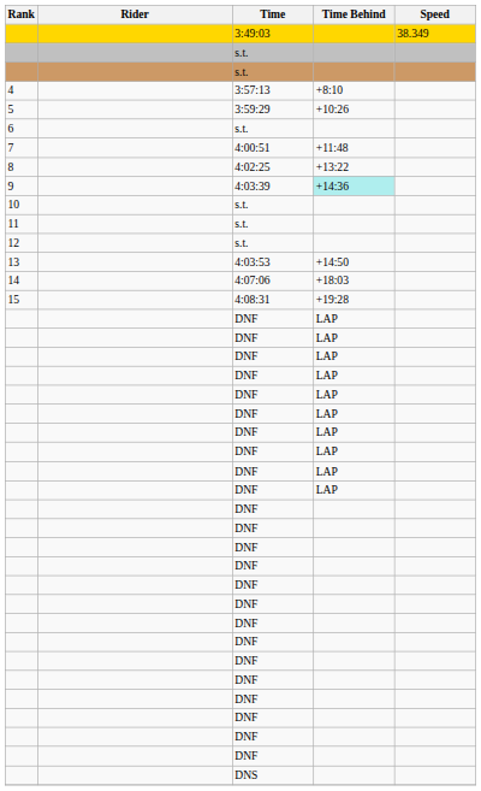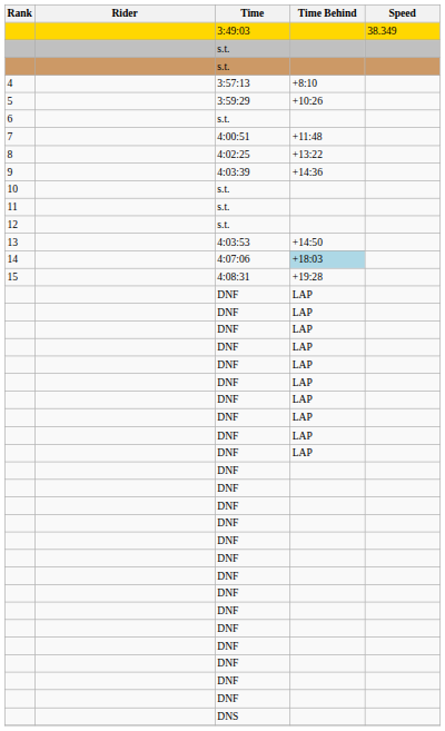 <table class="wikitable" style="font-size:95%" style="text-align:center">
 <tr>
 <th>Rank</th>
 <th width=250>Rider</th>
 <th width=100>Time</th>
 <th width=100>Time Behind</th>
 <th width=100>Speed</th>
 </tr>
 <tr bgcolor=gold>
 <td></td>
 <td align=left></td>
 <td>3:49:03</td>
 <td></td>
 <td>38.349</td>
 </tr>
 <tr bgcolor=silver>
 <td></td>
 <td align=left></td>
 <td>s.t.</td>
 <td></td>
 <td></td>
 </tr>
 <tr bgcolor=cc9966>
 <td></td>
 <td align=left></td>
 <td>s.t.</td>
 <td></td>
 <td></td>
 </tr>
 <tr>
 <td>4</td>
 <td align=left></td>
 <td>3:57:13</td>
 <td>+8:10</td>
 <td></td>
 </tr>
 <tr>
 <td>5</td>
 <td align=left></td>
 <td>3:59:29</td>
 <td>+10:26</td>
 <td></td>
 </tr>
 <tr>
 <td>6</td>
 <td align=left></td>
 <td>s.t.</td>
 <td></td>
 <td></td>
 </tr>
 <tr>
 <td>7</td>
 <td align=left></td>
 <td>4:00:51</td>
 <td>+11:48</td>
 <td></td>
 </tr>
 <tr>
 <td>8</td>
 <td align=left></td>
 <td>4:02:25</td>
 <td>+13:22</td>
 <td></td>
 </tr>
 <tr>
 <td>9</td>
 <td align=left></td>
 <td>4:03:39</td>
-<td style="background: paleturquoise;">+14:36</td>
+<td>+14:36</td>
 <td></td>
 </tr>
 <tr>
 <td>10</td>
 <td align=left></td>
 <td>s.t.</td>
 <td></td>
 <td></td>
 </tr>
 <tr>
 <td>11</td>
 <td align=left></td>
 <td>s.t.</td>
 <td></td>
 <td></td>
 </tr>
 <tr>
 <td>12</td>
 <td align=left></td>
 <td>s.t.</td>
 <td></td>
 <td></td>
 </tr>
 <tr>
 <td>13</td>
 <td align=left></td>
 <td>4:03:53</td>
 <td>+14:50</td>
 <td></td>
 </tr>
 <tr>
 <td>14</td>
 <td align=left></td>
 <td>4:07:06</td>
-<td>+18:03</td>
+<td style="background: lightblue;">+18:03</td>
 <td></td>
 </tr>
 <tr>
 <td>15</td>
 <td align=left></td>
 <td>4:08:31</td>
 <td>+19:28</td>
 <td></td>
 </tr>
 <tr>
 <td></td>
 <td align=left></td>
 <td>DNF</td>
 <td>LAP</td>
 <td></td>
 </tr>
 <tr>
 <td></td>
 <td align=left></td>
 <td>DNF</td>
 <td>LAP</td>
 <td></td>
 </tr>
 <tr>
 <td></td>
 <td align=left></td>
 <td>DNF</td>
 <td>LAP</td>
 <td></td>
 </tr>
 <tr>
 <td></td>
 <td align=left></td>
 <td>DNF</td>
 <td>LAP</td>
 <td></td>
 </tr>
 <tr>
 <td></td>
 <td align=left></td>
 <td>DNF</td>
 <td>LAP</td>
 <td></td>
 </tr>
 <tr>
 <td></td>
 <td align=left></td>
 <td>DNF</td>
 <td>LAP</td>
 <td></td>
 </tr>
 <tr>
 <td></td>
 <td align=left></td>
 <td>DNF</td>
 <td>LAP</td>
 <td></td>
 </tr>
 <tr>
 <td></td>
 <td align=left></td>
 <td>DNF</td>
 <td>LAP</td>
 <td></td>
 </tr>
 <tr>
 <td></td>
 <td align=left></td>
 <td>DNF</td>
 <td>LAP</td>
 <td></td>
 </tr>
 <tr>
 <td></td>
 <td align=left></td>
 <td>DNF</td>
 <td>LAP</td>
 <td></td>
 </tr>
 <tr>
 <td></td>
 <td align=left></td>
 <td>DNF</td>
 <td></td>
 <td></td>
 </tr>
 <tr>
 <td></td>
 <td align=left></td>
 <td>DNF</td>
 <td></td>
 <td></td>
 </tr>
 <tr>
 <td></td>
 <td align=left></td>
 <td>DNF</td>
 <td></td>
 <td></td>
 </tr>
 <tr>
 <td></td>
 <td align=left></td>
 <td>DNF</td>
 <td></td>
 <td></td>
 </tr>
 <tr>
 <td></td>
 <td align=left></td>
 <td>DNF</td>
 <td></td>
 <td></td>
 </tr>
 <tr>
 <td></td>
 <td align=left></td>
 <td>DNF</td>
 <td></td>
 <td></td>
 </tr>
 <tr>
 <td></td>
 <td align=left></td>
 <td>DNF</td>
 <td></td>
 <td></td>
 </tr>
 <tr>
 <td></td>
 <td align=left></td>
 <td>DNF</td>
 <td></td>
 <td></td>
 </tr>
 <tr>
 <td></td>
 <td align=left></td>
 <td>DNF</td>
 <td></td>
 <td></td>
 </tr>
 <tr>
 <td></td>
 <td align=left></td>
 <td>DNF</td>
 <td></td>
 <td></td>
 </tr>
 <tr>
 <td></td>
 <td align=left></td>
 <td>DNF</td>
 <td></td>
 <td></td>
 </tr>
 <tr>
 <td></td>
 <td align=left></td>
 <td>DNF</td>
 <td></td>
 <td></td>
 </tr>
 <tr>
 <td></td>
 <td align=left></td>
 <td>DNF</td>
 <td></td>
 <td></td>
 </tr>
 <tr>
 <td></td>
 <td align=left></td>
 <td>DNF</td>
 <td></td>
 <td></td>
 </tr>
 <tr>
 <td></td>
 <td align=left></td>
 <td>DNS</td>
 <td></td>
 <td></td>
 </tr>
 <tr>
 </tr>
 </table>
